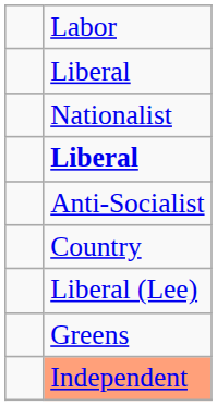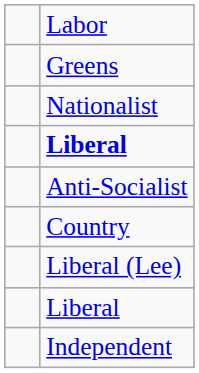 <table class="wikitable">
 <tr>
 <td width=15 > </td>
 <td><a href='#'>Labor</a></td>
 </tr>
 <tr>
 <td width=15 > </td>
-<td><a href='#'>Liberal</a></td>
+<td><a href='#'>Greens</a></td>
 </tr>
 <tr>
 <td width=15 > </td>
 <td><a href='#'>Nationalist</a></td>
 </tr>
 <tr>
 <td width=15 > </td>
 <td><strong><a href='#'>Liberal</a></strong></td>
 </tr>
 <tr>
 <td width=15 > </td>
 <td><a href='#'>Anti-Socialist</a></td>
 </tr>
 <tr>
 <td width=15 > </td>
 <td><a href='#'>Country</a></td>
 </tr>
 <tr>
 <td width=15 > </td>
 <td><a href='#'>Liberal (Lee)</a></td>
 </tr>
 <tr>
 <td width=15 > </td>
-<td><a href='#'>Greens</a></td>
+<td><a href='#'>Liberal</a></td>
 </tr>
 <tr>
 <td width=15 > </td>
-<td style="background: lightsalmon;"><a href='#'>Independent</a></td>
+<td><a href='#'>Independent</a></td>
 </tr>
 </table>
